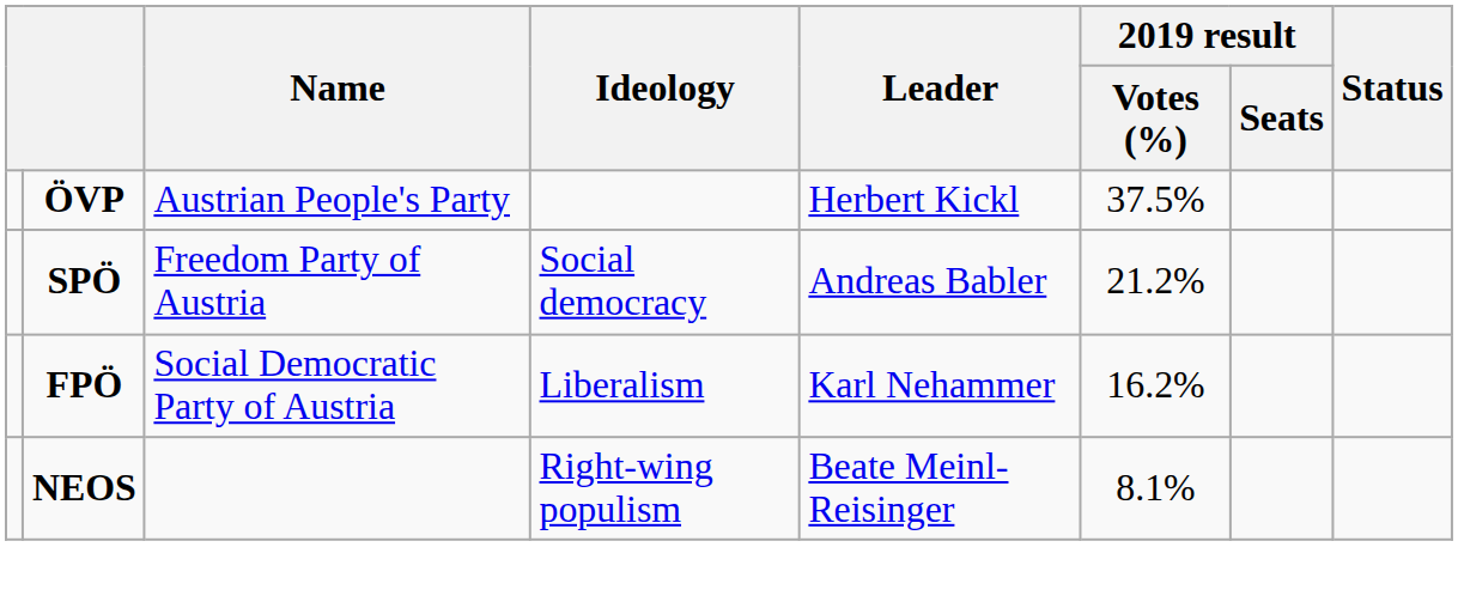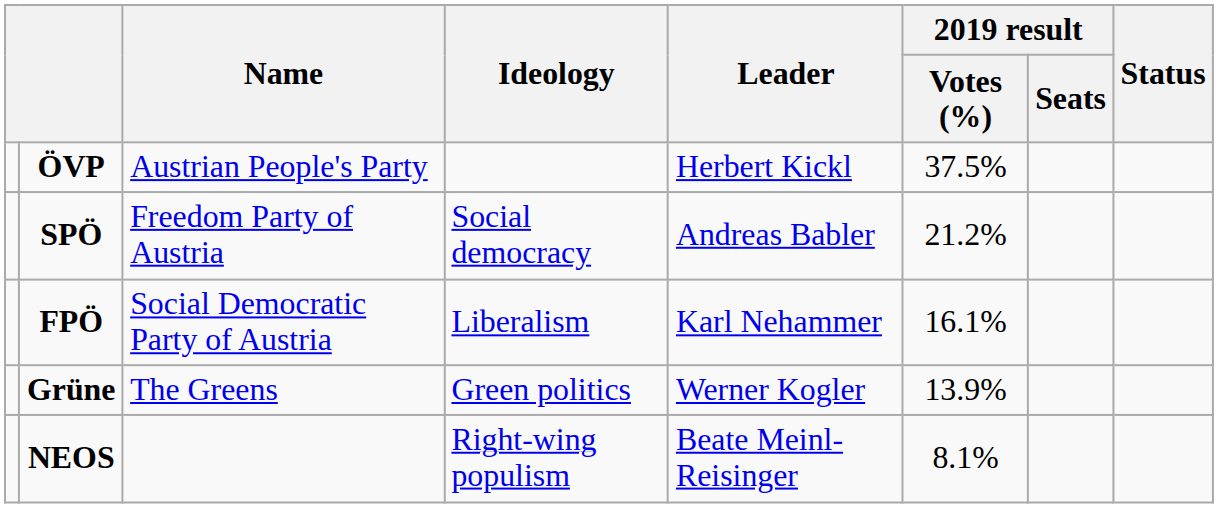 <table class="wikitable">
 <tr>
 <th rowspan="2" colspan="2"></th>
 <th rowspan="2">Name</th>
 <th rowspan="2">Ideology</th>
 <th rowspan="2">Leader</th>
 <th colspan="2">2019 result</th>
 <th rowspan="2">Status</th>
 </tr>
 <tr>
 <th>Votes (%)</th>
 <th>Seats</th>
 </tr>
 <tr>
 <td style="background:"></td>
 <td style="text-align:center;"><strong>ÖVP</strong></td>
 <td><a href='#'>Austrian People's Party</a><br></td>
 <td></td>
 <td><a href='#'>Herbert Kickl</a></td>
 <td style="text-align:center;">37.5%</td>
 <td></td>
 <td></td>
 </tr>
 <tr>
 <td style="background:"></td>
 <td style="text-align:center;"><strong>SPÖ</strong></td>
 <td><a href='#'>Freedom Party of Austria</a><br></td>
 <td><a href='#'>Social democracy</a></td>
 <td><a href='#'>Andreas Babler</a></td>
 <td style="text-align:center;">21.2%</td>
 <td></td>
 <td></td>
 </tr>
 <tr>
 <td style="background:"></td>
 <td style="text-align:center;"><strong>FPÖ</strong></td>
 <td><a href='#'>Social Democratic Party of Austria</a><br></td>
 <td><a href='#'>Liberalism</a></td>
 <td><a href='#'>Karl Nehammer</a></td>
-<td style="text-align:center;">16.2%</td>
+<td style="text-align:center;">16.1%</td>
+<td></td>
+<td></td>
+</tr>
+<tr>
+<td style="background:"></td>
+<td style="text-align:center;"><strong>Grüne</strong></td>
+<td><a href='#'>The Greens</a><br></td>
+<td><a href='#'>Green politics</a></td>
+<td><a href='#'>Werner Kogler</a></td>
+<td style="text-align:center;">13.9%</td>
 <td></td>
 <td></td>
 </tr>
 <tr>
 <td style="background:"></td>
 <td style="text-align:center;"><strong>NEOS</strong></td>
 <td><br></td>
 <td><a href='#'>Right-wing populism</a></td>
 <td><a href='#'>Beate Meinl-Reisinger</a></td>
 <td style="text-align:center;">8.1%</td>
 <td></td>
 <td></td>
 </tr>
 </table>
